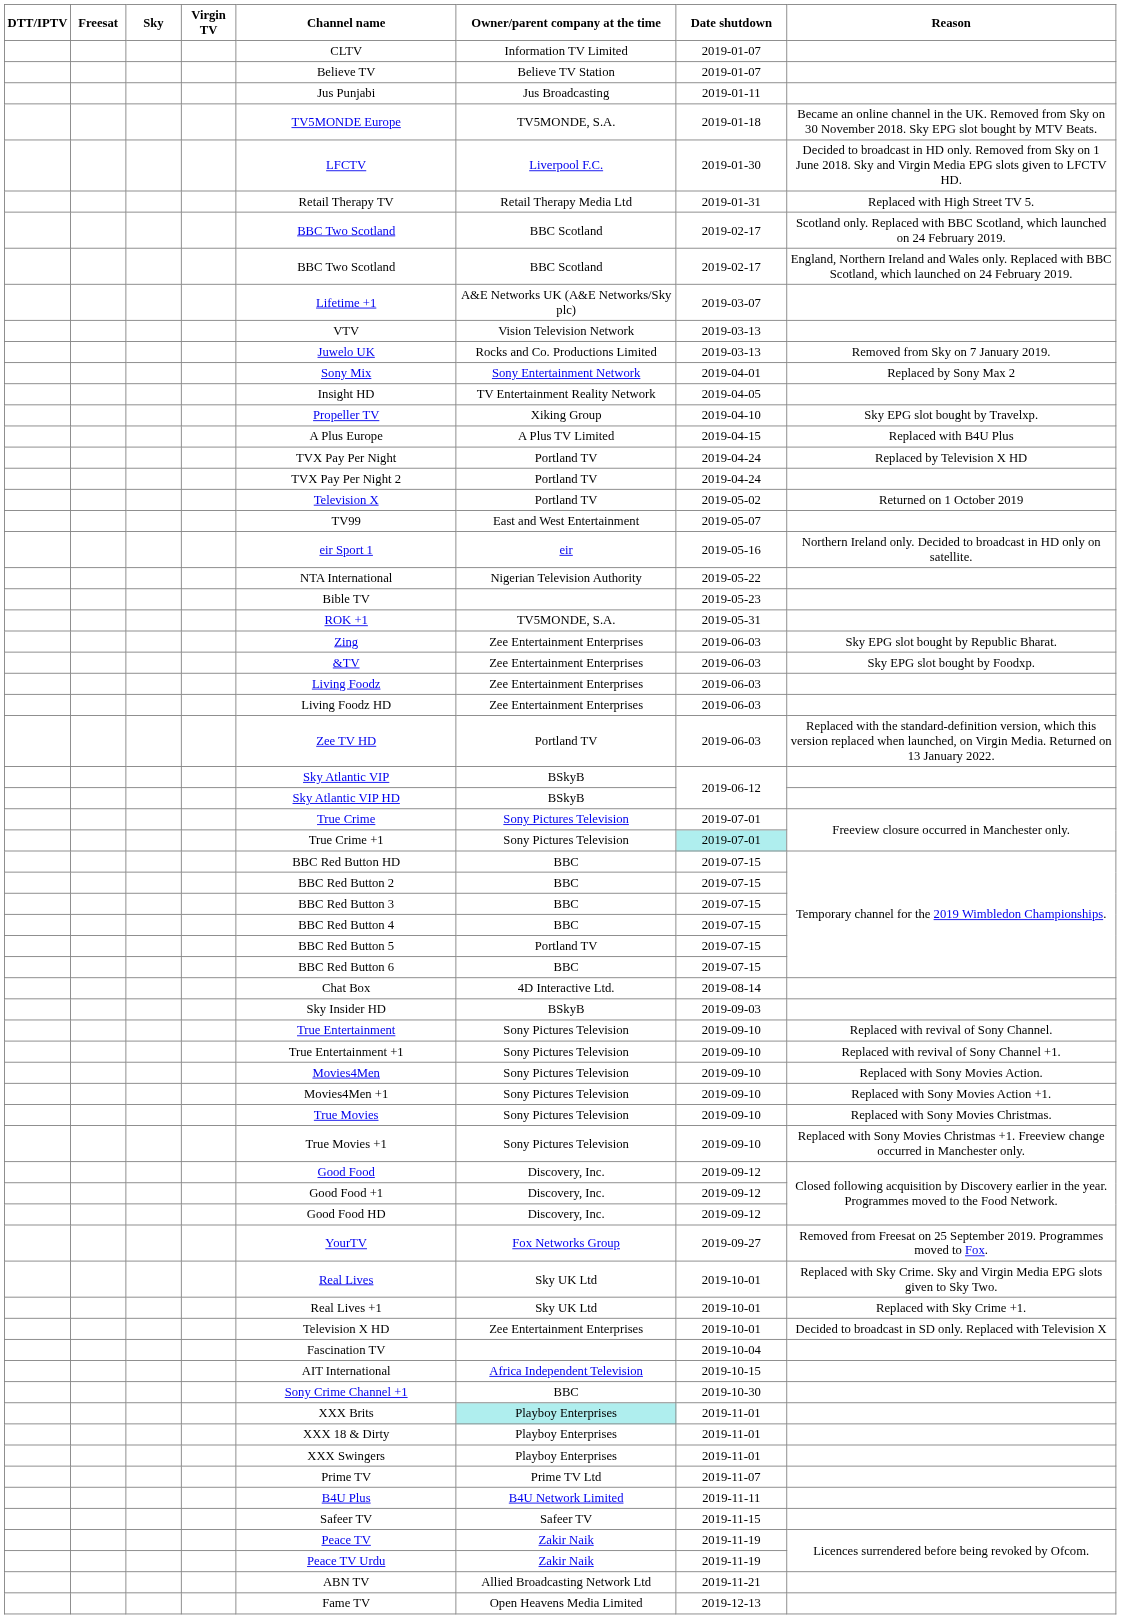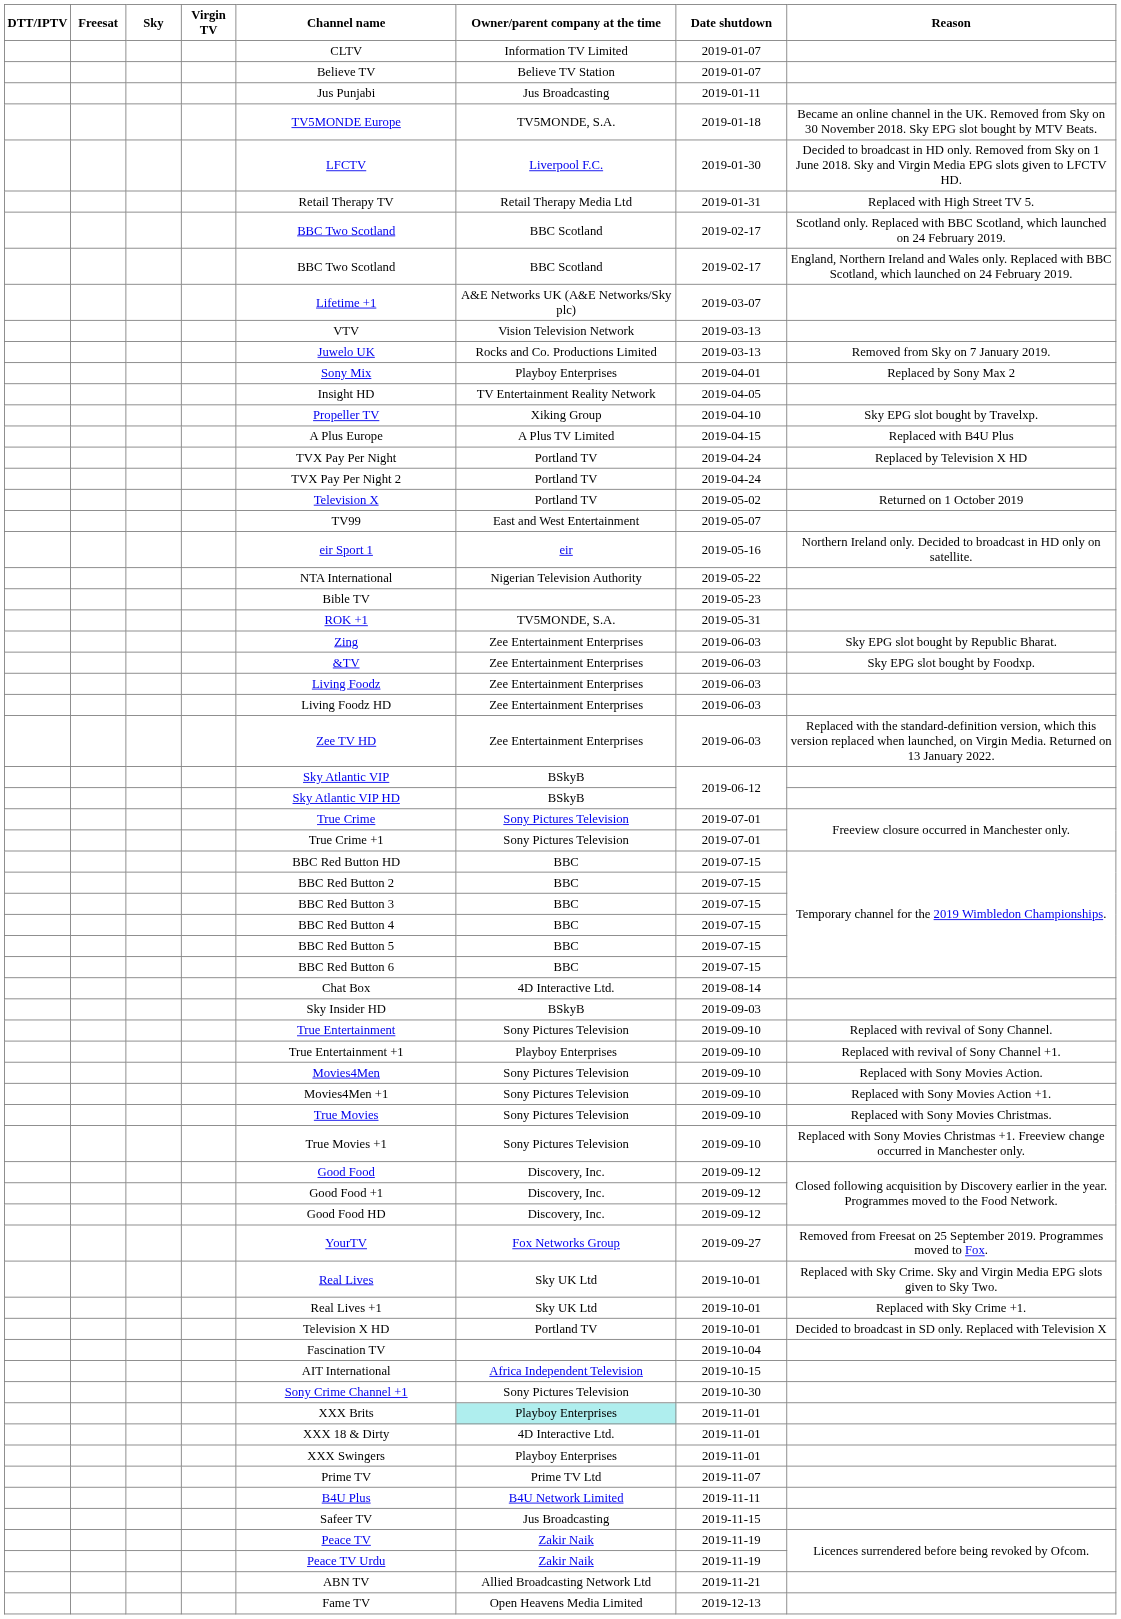 <table class="toccolors sortable" border="1" cellpadding="3" style="border-collapse:collapse; font-size: 90%; text-align:center" width="100%">
 <tr>
 <th width="5%">DTT/IPTV</th>
 <th width="5%">Freesat</th>
 <th width="5%">Sky</th>
 <th width="5%">Virgin TV</th>
 <th width="20%">Channel name</th>
 <th width="20%">Owner/parent company at the time</th>
 <th width="10%">Date shutdown </th>
 <th width="30%">Reason</th>
 </tr>
 <tr>
 <td></td>
 <td></td>
 <td></td>
 <td></td>
 <td>CLTV</td>
 <td>Information TV Limited</td>
 <td>2019-01-07</td>
 <td></td>
 </tr>
 <tr>
 <td></td>
 <td></td>
 <td></td>
 <td></td>
 <td>Believe TV</td>
 <td>Believe TV Station</td>
 <td>2019-01-07</td>
 <td></td>
 </tr>
 <tr>
 <td></td>
 <td></td>
 <td></td>
 <td></td>
 <td>Jus Punjabi</td>
 <td>Jus Broadcasting</td>
 <td>2019-01-11</td>
 <td></td>
 </tr>
 <tr>
 <td></td>
 <td></td>
 <td></td>
 <td></td>
 <td><a href='#'>TV5MONDE Europe</a></td>
 <td>TV5MONDE, S.A.</td>
 <td>2019-01-18</td>
 <td>Became an online channel in the UK. Removed from Sky on 30 November 2018. Sky EPG slot bought by MTV Beats.</td>
 </tr>
 <tr>
 <td></td>
 <td></td>
 <td></td>
 <td></td>
 <td><a href='#'>LFCTV</a></td>
 <td><a href='#'>Liverpool F.C.</a></td>
 <td>2019-01-30</td>
 <td>Decided to broadcast in HD only. Removed from Sky on 1 June 2018. Sky and Virgin Media EPG slots given to LFCTV HD.</td>
 </tr>
 <tr>
 <td></td>
 <td></td>
 <td></td>
 <td></td>
 <td>Retail Therapy TV</td>
 <td>Retail Therapy Media Ltd</td>
 <td>2019-01-31</td>
 <td>Replaced with High Street TV 5.</td>
 </tr>
 <tr>
 <td></td>
 <td></td>
 <td></td>
 <td></td>
 <td><a href='#'>BBC Two Scotland</a></td>
 <td>BBC Scotland</td>
 <td>2019-02-17</td>
 <td>Scotland only. Replaced with BBC Scotland, which launched on 24 February 2019.</td>
 </tr>
 <tr>
 <td></td>
 <td></td>
 <td></td>
 <td></td>
 <td>BBC Two Scotland</td>
 <td>BBC Scotland</td>
 <td>2019-02-17</td>
 <td>England, Northern Ireland and Wales only. Replaced with BBC Scotland, which launched on 24 February 2019.</td>
 </tr>
 <tr>
 <td></td>
 <td></td>
 <td></td>
 <td></td>
 <td><a href='#'>Lifetime +1</a></td>
 <td>A&E Networks UK (A&E Networks/Sky plc)</td>
 <td>2019-03-07</td>
 <td></td>
 </tr>
 <tr>
 <td></td>
 <td></td>
 <td></td>
 <td></td>
 <td>VTV</td>
 <td>Vision Television Network</td>
 <td>2019-03-13</td>
 <td></td>
 </tr>
 <tr>
 <td></td>
 <td></td>
 <td></td>
 <td></td>
 <td><a href='#'>Juwelo UK</a></td>
 <td>Rocks and Co. Productions Limited</td>
 <td>2019-03-13</td>
 <td>Removed from Sky on 7 January 2019.</td>
 </tr>
 <tr>
 <td></td>
 <td></td>
 <td></td>
 <td></td>
 <td><a href='#'>Sony Mix</a></td>
-<td><a href='#'>Sony Entertainment Network</a></td>
+<td>Playboy Enterprises</td>
 <td>2019-04-01</td>
 <td>Replaced by Sony Max 2</td>
 </tr>
 <tr>
 <td></td>
 <td></td>
 <td></td>
 <td></td>
 <td>Insight HD</td>
 <td>TV Entertainment Reality Network</td>
 <td>2019-04-05</td>
 <td></td>
 </tr>
 <tr>
 <td></td>
 <td></td>
 <td></td>
 <td></td>
 <td><a href='#'>Propeller TV</a></td>
 <td>Xiking Group</td>
 <td>2019-04-10</td>
 <td>Sky EPG slot bought by Travelxp.</td>
 </tr>
 <tr>
 <td></td>
 <td></td>
 <td></td>
 <td></td>
 <td>A Plus Europe</td>
 <td>A Plus TV Limited</td>
 <td>2019-04-15</td>
 <td>Replaced with B4U Plus</td>
 </tr>
 <tr>
 <td></td>
 <td></td>
 <td></td>
 <td></td>
 <td>TVX Pay Per Night</td>
 <td>Portland TV</td>
 <td>2019-04-24</td>
 <td>Replaced by Television X HD</td>
 </tr>
 <tr>
 <td></td>
 <td></td>
 <td></td>
 <td></td>
 <td>TVX Pay Per Night 2</td>
 <td>Portland TV</td>
 <td>2019-04-24</td>
 <td></td>
 </tr>
 <tr>
 <td></td>
 <td></td>
 <td></td>
 <td></td>
 <td><a href='#'>Television X</a></td>
 <td>Portland TV</td>
 <td>2019-05-02</td>
 <td>Returned on 1 October 2019</td>
 </tr>
 <tr>
 <td></td>
 <td></td>
 <td></td>
 <td></td>
 <td>TV99</td>
 <td>East and West Entertainment</td>
 <td>2019-05-07</td>
 <td></td>
 </tr>
 <tr>
 <td></td>
 <td></td>
 <td></td>
 <td></td>
 <td><a href='#'>eir Sport 1</a></td>
 <td><a href='#'>eir</a></td>
 <td>2019-05-16</td>
 <td>Northern Ireland only. Decided to broadcast in HD only on satellite.</td>
 </tr>
 <tr>
 <td></td>
 <td></td>
 <td></td>
 <td></td>
 <td>NTA International</td>
 <td>Nigerian Television Authority</td>
 <td>2019-05-22</td>
 <td></td>
 </tr>
 <tr>
 <td></td>
 <td></td>
 <td></td>
 <td></td>
 <td>Bible TV</td>
 <td></td>
 <td>2019-05-23</td>
 <td></td>
 </tr>
 <tr>
 <td></td>
 <td></td>
 <td></td>
 <td></td>
 <td><a href='#'>ROK +1</a></td>
 <td>TV5MONDE, S.A.</td>
 <td>2019-05-31</td>
 <td></td>
 </tr>
 <tr>
 <td></td>
 <td></td>
 <td></td>
 <td></td>
 <td><a href='#'>Zing</a></td>
 <td>Zee Entertainment Enterprises</td>
 <td>2019-06-03</td>
 <td>Sky EPG slot bought by Republic Bharat.</td>
 </tr>
 <tr>
 <td></td>
 <td></td>
 <td></td>
 <td></td>
 <td><a href='#'>&TV</a></td>
 <td>Zee Entertainment Enterprises</td>
 <td>2019-06-03</td>
 <td>Sky EPG slot bought by Foodxp.</td>
 </tr>
 <tr>
 <td></td>
 <td></td>
 <td></td>
 <td></td>
 <td><a href='#'>Living Foodz</a></td>
 <td>Zee Entertainment Enterprises</td>
 <td>2019-06-03</td>
 <td></td>
 </tr>
 <tr>
 <td></td>
 <td></td>
 <td></td>
 <td></td>
 <td>Living Foodz HD</td>
 <td>Zee Entertainment Enterprises</td>
 <td>2019-06-03</td>
 <td></td>
 </tr>
 <tr>
 <td></td>
 <td></td>
 <td></td>
 <td></td>
 <td><a href='#'>Zee TV HD</a></td>
-<td>Portland TV</td>
+<td>Zee Entertainment Enterprises</td>
 <td>2019-06-03</td>
 <td>Replaced with the standard-definition version, which this version replaced when launched, on Virgin Media. Returned on 13 January 2022.</td>
 </tr>
 <tr>
 <td></td>
 <td></td>
 <td></td>
 <td></td>
 <td><a href='#'>Sky Atlantic VIP</a></td>
 <td>BSkyB</td>
 <td rowspan=2>2019-06-12</td>
 <td></td>
 </tr>
 <tr>
 <td></td>
 <td></td>
 <td></td>
 <td></td>
 <td><a href='#'>Sky Atlantic VIP HD</a></td>
 <td>BSkyB</td>
 <td></td>
 </tr>
 <tr>
 <td></td>
 <td></td>
 <td></td>
 <td></td>
 <td><a href='#'>True Crime</a></td>
 <td><a href='#'>Sony Pictures Television</a></td>
 <td>2019-07-01</td>
 <td rowspan="2">Freeview closure occurred in Manchester only.</td>
 </tr>
 <tr>
 <td></td>
 <td></td>
 <td></td>
 <td></td>
 <td>True Crime +1</td>
 <td>Sony Pictures Television</td>
-<td style="background: paleturquoise;">2019-07-01</td>
+<td>2019-07-01</td>
 </tr>
 <tr>
 <td></td>
 <td></td>
 <td></td>
 <td></td>
 <td>BBC Red Button HD</td>
 <td>BBC</td>
 <td>2019-07-15</td>
 <td rowspan="6">Temporary channel for the <a href='#'>2019 Wimbledon Championships</a>.</td>
 </tr>
 <tr>
 <td></td>
 <td></td>
 <td></td>
 <td></td>
 <td>BBC Red Button 2</td>
 <td>BBC</td>
 <td>2019-07-15</td>
 </tr>
 <tr>
 <td></td>
 <td></td>
 <td></td>
 <td></td>
 <td>BBC Red Button 3</td>
 <td>BBC</td>
 <td>2019-07-15</td>
 </tr>
 <tr>
 <td></td>
 <td></td>
 <td></td>
 <td></td>
 <td>BBC Red Button 4</td>
 <td>BBC</td>
 <td>2019-07-15</td>
 </tr>
 <tr>
 <td></td>
 <td></td>
 <td></td>
 <td></td>
 <td>BBC Red Button 5</td>
-<td>Portland TV</td>
+<td>BBC</td>
 <td>2019-07-15</td>
 </tr>
 <tr>
 <td></td>
 <td></td>
 <td></td>
 <td></td>
 <td>BBC Red Button 6</td>
 <td>BBC</td>
 <td>2019-07-15</td>
 </tr>
 <tr>
 <td></td>
 <td></td>
 <td></td>
 <td></td>
 <td>Chat Box</td>
 <td>4D Interactive Ltd.</td>
 <td>2019-08-14</td>
 <td></td>
 </tr>
 <tr>
 <td></td>
 <td></td>
 <td></td>
 <td></td>
 <td>Sky Insider HD</td>
 <td>BSkyB</td>
 <td>2019-09-03</td>
 <td></td>
 </tr>
 <tr>
 <td></td>
 <td></td>
 <td></td>
 <td></td>
 <td><a href='#'>True Entertainment</a></td>
 <td>Sony Pictures Television</td>
 <td>2019-09-10</td>
 <td>Replaced with revival of Sony Channel.</td>
 </tr>
 <tr>
 <td></td>
 <td></td>
 <td></td>
 <td></td>
 <td>True Entertainment +1</td>
-<td>Sony Pictures Television</td>
+<td>Playboy Enterprises</td>
 <td>2019-09-10</td>
 <td>Replaced with revival of Sony Channel +1.</td>
 </tr>
 <tr>
 <td></td>
 <td></td>
 <td></td>
 <td></td>
 <td><a href='#'>Movies4Men</a></td>
 <td>Sony Pictures Television</td>
 <td>2019-09-10</td>
 <td>Replaced with Sony Movies Action.</td>
 </tr>
 <tr>
 <td></td>
 <td></td>
 <td></td>
 <td></td>
 <td>Movies4Men +1</td>
 <td>Sony Pictures Television</td>
 <td>2019-09-10</td>
 <td>Replaced with Sony Movies Action +1.</td>
 </tr>
 <tr>
 <td></td>
 <td></td>
 <td></td>
 <td></td>
 <td><a href='#'>True Movies</a></td>
 <td>Sony Pictures Television</td>
 <td>2019-09-10</td>
 <td>Replaced with Sony Movies Christmas.</td>
 </tr>
 <tr>
 <td></td>
 <td></td>
 <td></td>
 <td></td>
 <td>True Movies +1</td>
 <td>Sony Pictures Television</td>
 <td>2019-09-10</td>
 <td>Replaced with Sony Movies Christmas +1. Freeview change occurred in Manchester only.</td>
 </tr>
 <tr>
 <td></td>
 <td></td>
 <td></td>
 <td></td>
 <td><a href='#'>Good Food</a></td>
 <td>Discovery, Inc.</td>
 <td>2019-09-12</td>
 <td rowspan="3">Closed following acquisition by Discovery earlier in the year. Programmes moved to the Food Network.</td>
 </tr>
 <tr>
 <td></td>
 <td></td>
 <td></td>
 <td></td>
 <td>Good Food +1</td>
 <td>Discovery, Inc.</td>
 <td>2019-09-12</td>
 </tr>
 <tr>
 <td></td>
 <td></td>
 <td></td>
 <td></td>
 <td>Good Food HD</td>
 <td>Discovery, Inc.</td>
 <td>2019-09-12</td>
 </tr>
 <tr>
 <td></td>
 <td></td>
 <td></td>
 <td></td>
 <td><a href='#'>YourTV</a></td>
 <td><a href='#'>Fox Networks Group</a></td>
 <td>2019-09-27</td>
 <td>Removed from Freesat on 25 September 2019. Programmes moved to <a href='#'>Fox</a>.</td>
 </tr>
 <tr>
 <td></td>
 <td></td>
 <td></td>
 <td></td>
 <td><a href='#'>Real Lives</a></td>
 <td>Sky UK Ltd</td>
 <td>2019-10-01</td>
 <td>Replaced with Sky Crime. Sky and Virgin Media EPG slots given to Sky Two.</td>
 </tr>
 <tr>
 <td></td>
 <td></td>
 <td></td>
 <td></td>
 <td>Real Lives +1</td>
 <td>Sky UK Ltd</td>
 <td>2019-10-01</td>
 <td>Replaced with Sky Crime +1.</td>
 </tr>
 <tr>
 <td></td>
 <td></td>
 <td></td>
 <td></td>
 <td>Television X HD</td>
-<td>Zee Entertainment Enterprises</td>
+<td>Portland TV</td>
 <td>2019-10-01</td>
 <td>Decided to broadcast in SD only. Replaced with Television X</td>
 </tr>
 <tr>
 <td></td>
 <td></td>
 <td></td>
 <td></td>
 <td>Fascination TV</td>
 <td></td>
 <td>2019-10-04</td>
 <td></td>
 </tr>
 <tr>
 <td></td>
 <td></td>
 <td></td>
 <td></td>
 <td>AIT International</td>
 <td><a href='#'>Africa Independent Television</a></td>
 <td>2019-10-15</td>
 <td></td>
 </tr>
 <tr>
 <td></td>
 <td></td>
 <td></td>
 <td></td>
 <td><a href='#'>Sony Crime Channel +1</a></td>
-<td>BBC</td>
+<td>Sony Pictures Television</td>
 <td>2019-10-30</td>
 <td></td>
 </tr>
 <tr>
 <td></td>
 <td></td>
 <td></td>
 <td></td>
 <td>XXX Brits</td>
 <td style="background: paleturquoise;">Playboy Enterprises</td>
 <td>2019-11-01</td>
 <td></td>
 </tr>
 <tr>
 <td></td>
 <td></td>
 <td></td>
 <td></td>
 <td>XXX 18 & Dirty</td>
-<td>Playboy Enterprises</td>
+<td>4D Interactive Ltd.</td>
 <td>2019-11-01</td>
 <td></td>
 </tr>
 <tr>
 <td></td>
 <td></td>
 <td></td>
 <td></td>
 <td>XXX Swingers</td>
 <td>Playboy Enterprises</td>
 <td>2019-11-01</td>
 <td></td>
 </tr>
 <tr>
 <td></td>
 <td></td>
 <td></td>
 <td></td>
 <td>Prime TV</td>
 <td>Prime TV Ltd</td>
 <td>2019-11-07</td>
 <td></td>
 </tr>
 <tr>
 <td></td>
 <td></td>
 <td></td>
 <td></td>
 <td><a href='#'>B4U Plus</a></td>
 <td><a href='#'>B4U Network Limited</a></td>
 <td>2019-11-11</td>
 <td></td>
 </tr>
 <tr>
 <td></td>
 <td></td>
 <td></td>
 <td></td>
 <td>Safeer TV</td>
-<td>Safeer TV</td>
+<td>Jus Broadcasting</td>
 <td>2019-11-15</td>
 <td></td>
 </tr>
 <tr>
 <td></td>
 <td></td>
 <td></td>
 <td></td>
 <td><a href='#'>Peace TV</a></td>
 <td><a href='#'>Zakir Naik</a></td>
 <td>2019-11-19</td>
 <td rowspan="2">Licences surrendered before being revoked by Ofcom.</td>
 </tr>
 <tr>
 <td></td>
 <td></td>
 <td></td>
 <td></td>
 <td><a href='#'>Peace TV Urdu</a></td>
 <td><a href='#'>Zakir Naik</a></td>
 <td>2019-11-19</td>
 </tr>
 <tr>
 <td></td>
 <td></td>
 <td></td>
 <td></td>
 <td>ABN TV</td>
 <td>Allied Broadcasting Network Ltd</td>
 <td>2019-11-21</td>
 <td></td>
 </tr>
 <tr>
 <td></td>
 <td></td>
 <td></td>
 <td></td>
 <td>Fame TV</td>
 <td>Open Heavens Media Limited</td>
 <td>2019-12-13</td>
 <td></td>
 </tr>
 </table>
